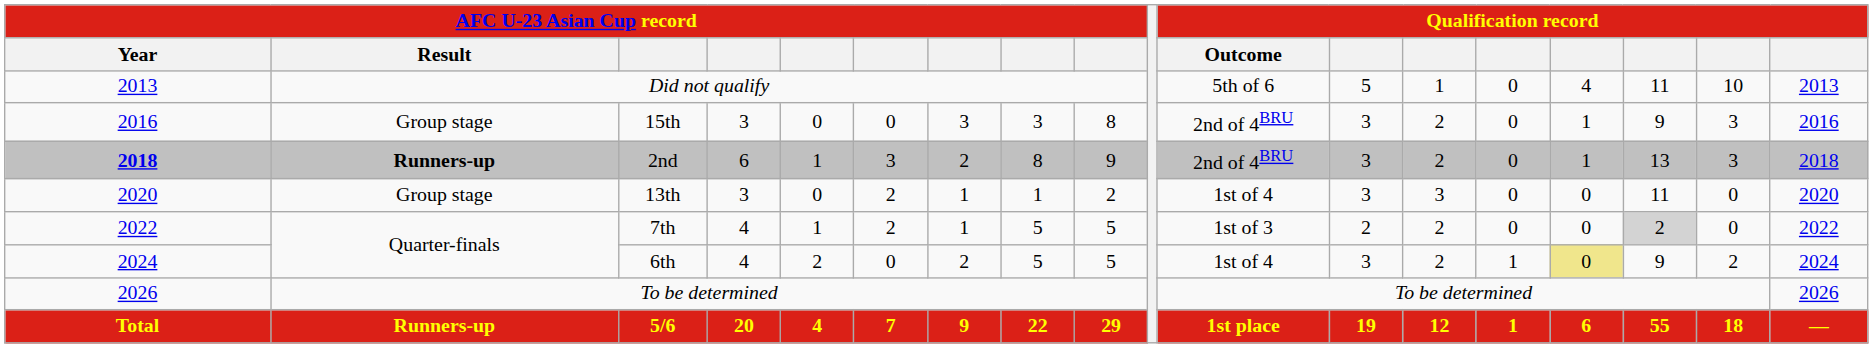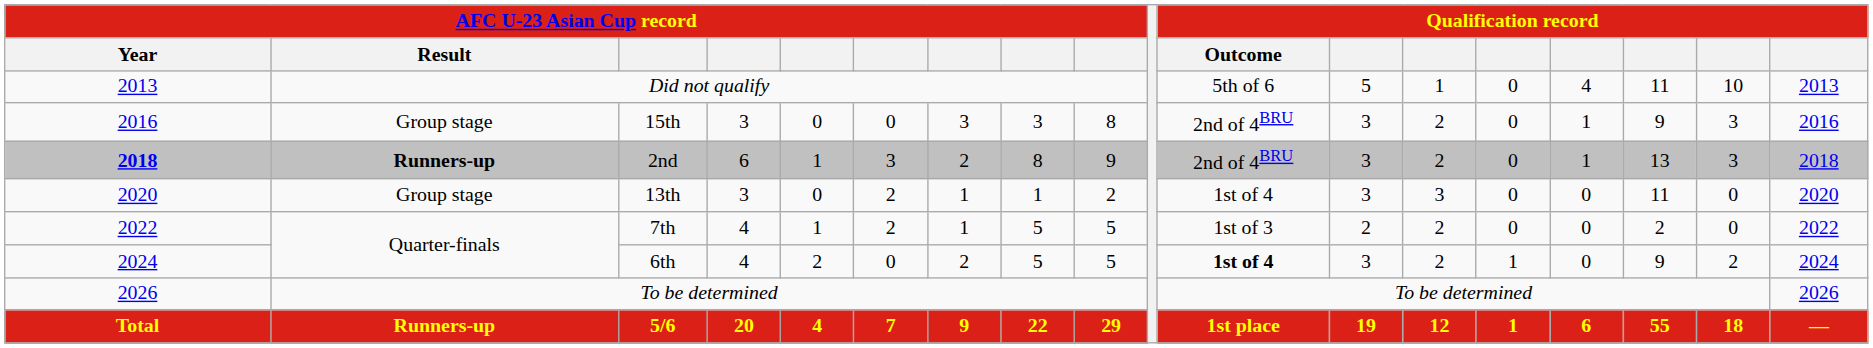 <table class="wikitable" style="text-align: center;font-size:90%;">
 <tr>
 <th colspan="9" style="background: #DB2017; color: #FFFF00;"><a href='#'>AFC U-23 Asian Cup</a> record</th>
 <th style="width:0.5%;" rowspan=10></th>
 <th colspan="8" style="background: #DB2017; color: #FFFF00;">Qualification record</th>
 </tr>
 <tr>
 <th width="90">Year</th>
 <th width="120">Result</th>
 <th width="20"></th>
 <th width="20"></th>
 <th width="20"></th>
 <th width="20"></th>
 <th width="20"></th>
 <th width="20"></th>
 <th width="20"></th>
 <th width="20">Outcome</th>
 <th width="20"></th>
 <th width="20"></th>
 <th width="20"></th>
 <th width="20"></th>
 <th width="20"></th>
 <th width="20"></th>
 <th width="20"></th>
 </tr>
 <tr>
 <td> <a href='#'>2013</a></td>
 <td colspan="8"><em>Did not qualify</em></td>
 <td>5th of 6</td>
 <td>5</td>
 <td>1</td>
 <td>0</td>
 <td>4</td>
 <td>11</td>
 <td>10</td>
 <td><a href='#'>2013</a></td>
 </tr>
 <tr>
 <td> <a href='#'>2016</a></td>
 <td>Group stage</td>
 <td>15th</td>
 <td>3</td>
 <td>0</td>
 <td>0</td>
 <td>3</td>
 <td>3</td>
 <td>8</td>
 <td>2nd of 4<sup><a href='#'>BRU</a></sup></td>
 <td>3</td>
 <td>2</td>
 <td>0</td>
 <td>1</td>
 <td>9</td>
 <td>3</td>
 <td><a href='#'>2016</a></td>
 </tr>
 <tr style="background-color:silver;">
 <td><strong> <a href='#'>2018</a></strong></td>
 <td><strong>Runners-up</strong></td>
 <td>2nd</td>
 <td>6</td>
 <td>1</td>
 <td>3</td>
 <td>2</td>
 <td>8</td>
 <td>9</td>
 <td>2nd of 4<sup><a href='#'>BRU</a> </sup></td>
 <td>3</td>
 <td>2</td>
 <td>0</td>
 <td>1</td>
 <td>13</td>
 <td>3</td>
 <td><a href='#'>2018</a></td>
 </tr>
 <tr>
 <td> <a href='#'>2020</a></td>
 <td>Group stage</td>
 <td>13th</td>
 <td>3</td>
 <td>0</td>
 <td>2</td>
 <td>1</td>
 <td>1</td>
 <td>2</td>
 <td>1st of 4</td>
 <td>3</td>
 <td>3</td>
 <td>0</td>
 <td>0</td>
 <td>11</td>
 <td>0</td>
 <td><a href='#'>2020</a></td>
 </tr>
 <tr>
 <td> <a href='#'>2022</a></td>
 <td rowspan="2">Quarter-finals</td>
 <td>7th</td>
 <td>4</td>
 <td>1</td>
 <td>2</td>
 <td>1</td>
 <td>5</td>
 <td>5</td>
 <td>1st of 3</td>
 <td>2</td>
 <td>2</td>
 <td>0</td>
 <td>0</td>
-<td style="background: lightgrey;">2</td>
+<td>2</td>
 <td>0</td>
 <td><a href='#'>2022</a></td>
 </tr>
 <tr>
 <td> <a href='#'>2024</a></td>
 <td>6th</td>
 <td>4</td>
 <td>2</td>
 <td>0</td>
 <td>2</td>
 <td>5</td>
 <td>5</td>
-<td>1st of 4</td>
+<td><strong>1st of 4</strong></td>
 <td>3</td>
 <td>2</td>
 <td>1</td>
-<td style="background: khaki;">0</td>
+<td>0</td>
 <td>9</td>
 <td>2</td>
 <td><a href='#'>2024</a></td>
 </tr>
 <tr>
 <td> <a href='#'>2026</a></td>
 <td colspan="8"><em>To be determined</em></td>
 <td colspan="7"><em>To be determined</em></td>
 <td><a href='#'>2026</a></td>
 </tr>
 <tr>
 <td colspan="1" style="background: #DB2017; color: #FFFF00;"><strong>Total</strong></td>
 <td style="background: #DB2017; color: #FFFF00;"><strong>Runners-up</strong></td>
 <td style="background: #DB2017; color: #FFFF00;"><strong>5/6</strong></td>
 <td style="background: #DB2017; color: #FFFF00;"><strong>20</strong></td>
 <td style="background: #DB2017; color: #FFFF00;"><strong>4</strong></td>
 <td style="background: #DB2017; color: #FFFF00;"><strong>7</strong></td>
 <td style="background: #DB2017; color: #FFFF00;"><strong>9</strong></td>
 <td style="background: #DB2017; color: #FFFF00;"><strong>22</strong></td>
 <td style="background: #DB2017; color: #FFFF00;"><strong>29</strong></td>
 <td style="background: #DB2017; color: #FFFF00;"><strong>1st place</strong></td>
 <td style="background: #DB2017; color: #FFFF00;"><strong>19</strong></td>
 <td style="background: #DB2017; color: #FFFF00;"><strong>12</strong></td>
 <td style="background: #DB2017; color: #FFFF00;"><strong>1</strong></td>
 <td style="background: #DB2017; color: #FFFF00;"><strong>6</strong></td>
 <td style="background: #DB2017; color: #FFFF00;"><strong>55</strong></td>
 <td style="background: #DB2017; color: #FFFF00;"><strong>18</strong></td>
 <td style="background: #DB2017; color: #FFFF00;"><strong>—</strong></td>
 </tr>
 </table>
